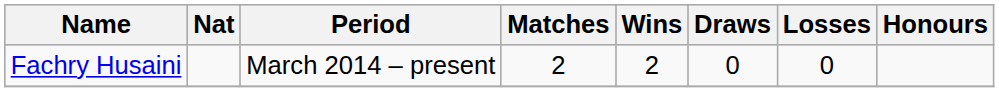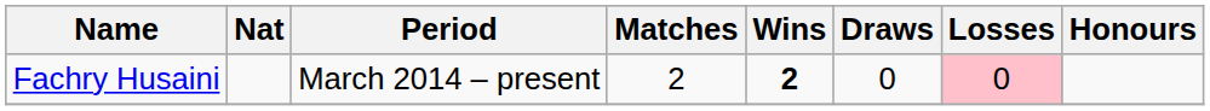 <table class="wikitable">
 <tr>
 <th>Name</th>
 <th>Nat</th>
 <th>Period</th>
 <th>Matches</th>
 <th>Wins</th>
 <th>Draws</th>
 <th>Losses</th>
 <th>Honours</th>
 </tr>
 <tr>
 <td><a href='#'>Fachry Husaini</a></td>
 <td align="center"></td>
 <td align="center">March 2014 – present</td>
 <td align="center">2</td>
-<td align="center">2</td>
+<td align="center"><strong>2</strong></td>
 <td align="center">0</td>
-<td align="center">0</td>
+<td align="center" style="background: pink;">0</td>
 <td></td>
 </tr>
 <tr>
 </tr>
 </table>
